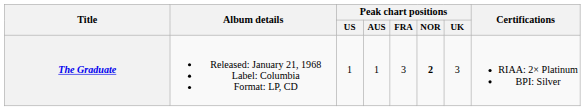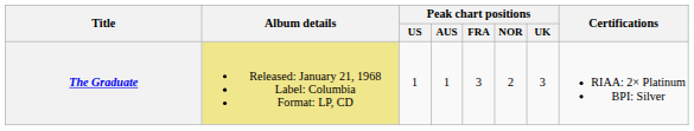 <table class="wikitable plainrowheaders" style="text-align:center;">
 <tr>
 <th scope="col" rowspan="2" style="width:16em;">Title</th>
 <th scope="col" rowspan="2" style="width:16em;">Album details</th>
 <th scope="col" colspan="5">Peak chart positions</th>
 <th scope="col" rowspan="2">Certifications</th>
 </tr>
 <tr>
 <th scope="col" style="width:2.5em; font-size:90%">US<br></th>
 <th scope="col" style="width:2.5em; font-size:90%">AUS<br></th>
 <th scope="col" style="width:2.5em; font-size:90%">FRA<br></th>
 <th scope="col" style="width:2.5em; font-size:90%">NOR<br></th>
 <th scope="col" style="width:2.5em; font-size:90%">UK<br></th>
 </tr>
 <tr>
 <th scope="row"><em><a href='#'>The Graduate</a></em></th>
-<td><br><ul><li>Released: January 21, 1968</li><li>Label: Columbia</li><li>Format: LP, CD</li></ul></td>
+<td style="background: khaki;"><br><ul><li>Released: January 21, 1968</li><li>Label: Columbia</li><li>Format: LP, CD</li></ul></td>
 <td>1</td>
 <td>1</td>
 <td>3</td>
-<td><strong>2</strong></td>
+<td>2</td>
 <td>3</td>
 <td><br><ul><li>RIAA: 2× Platinum</li><li>BPI: Silver</li></ul></td>
 </tr>
 </table>
